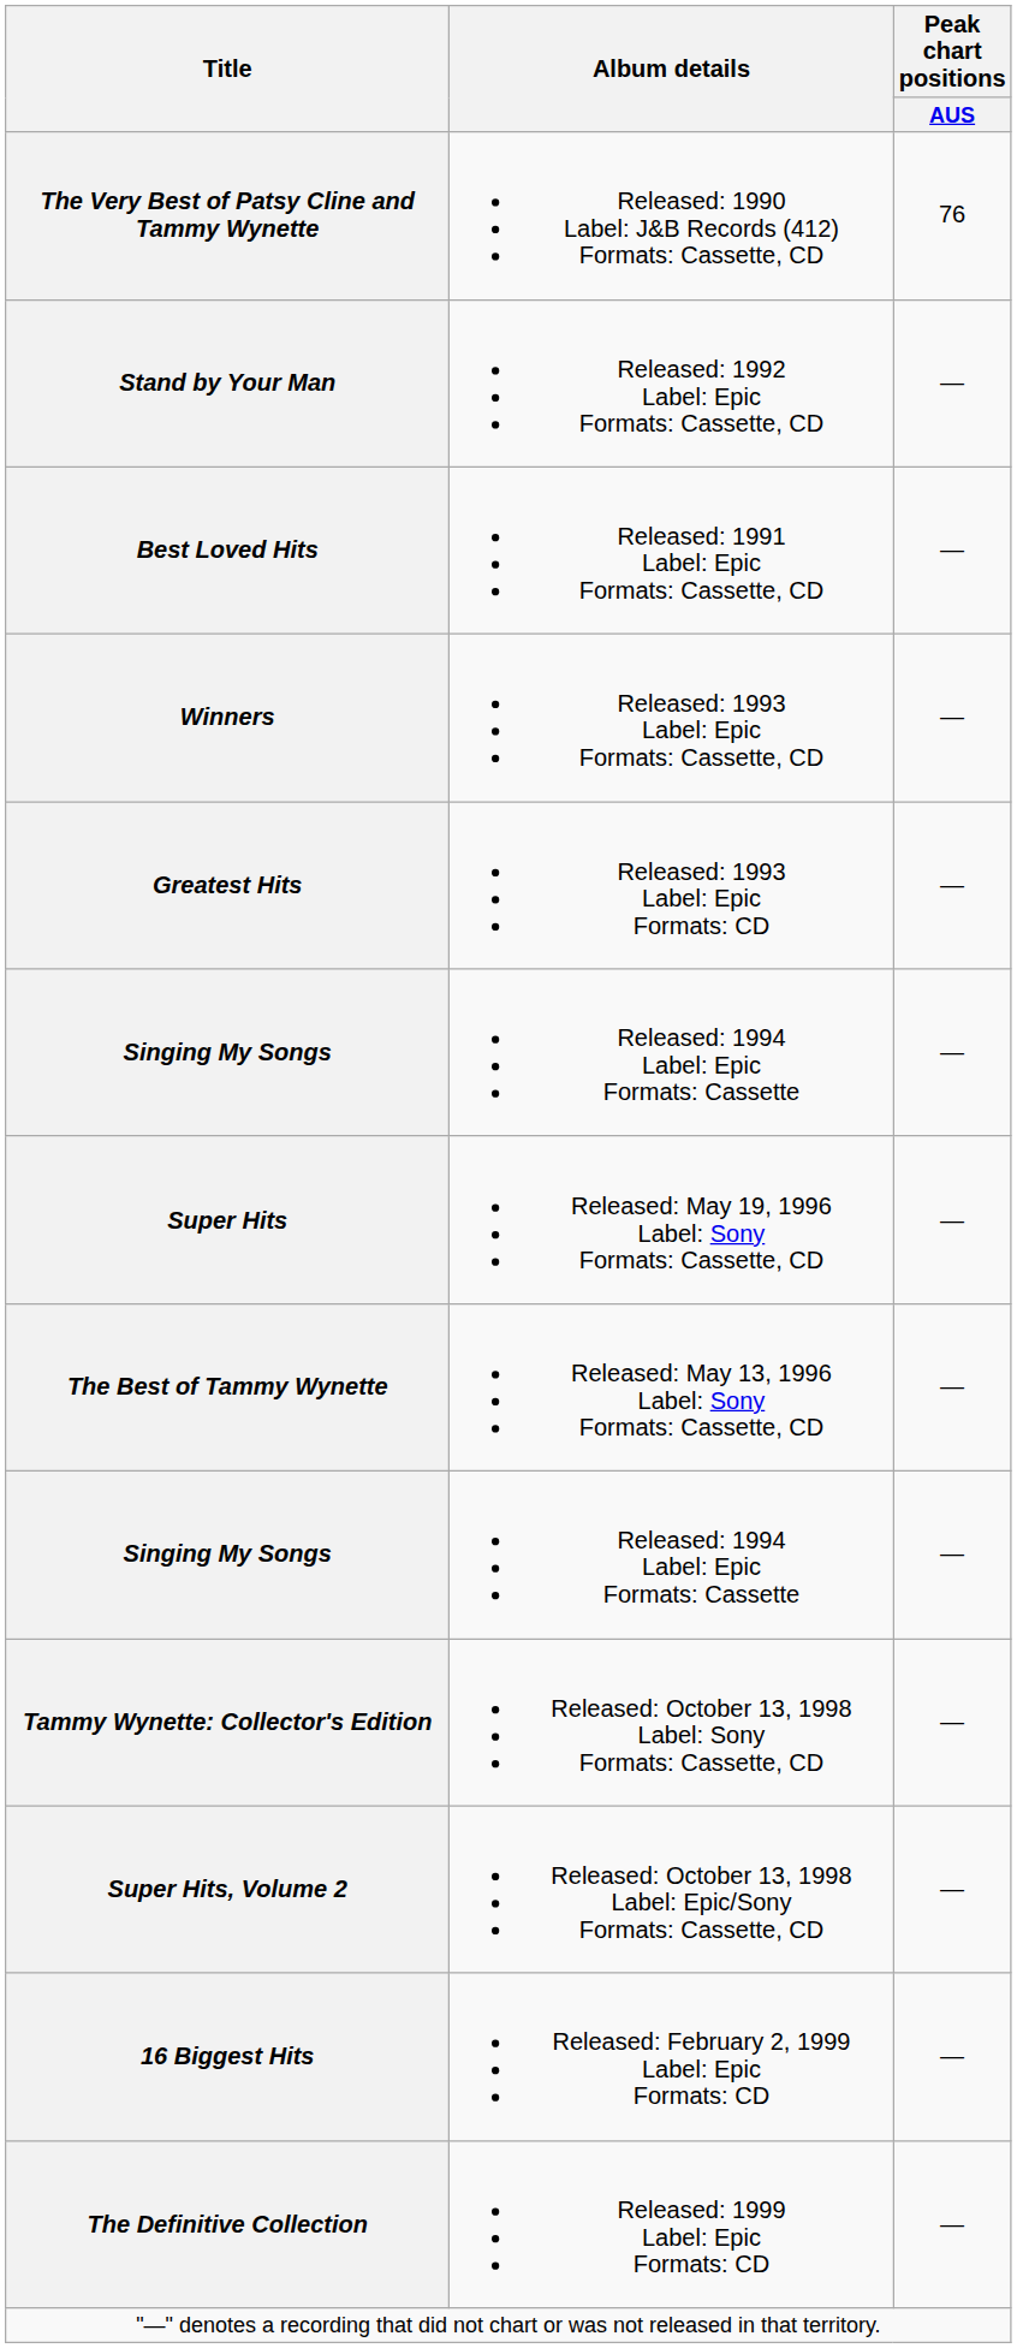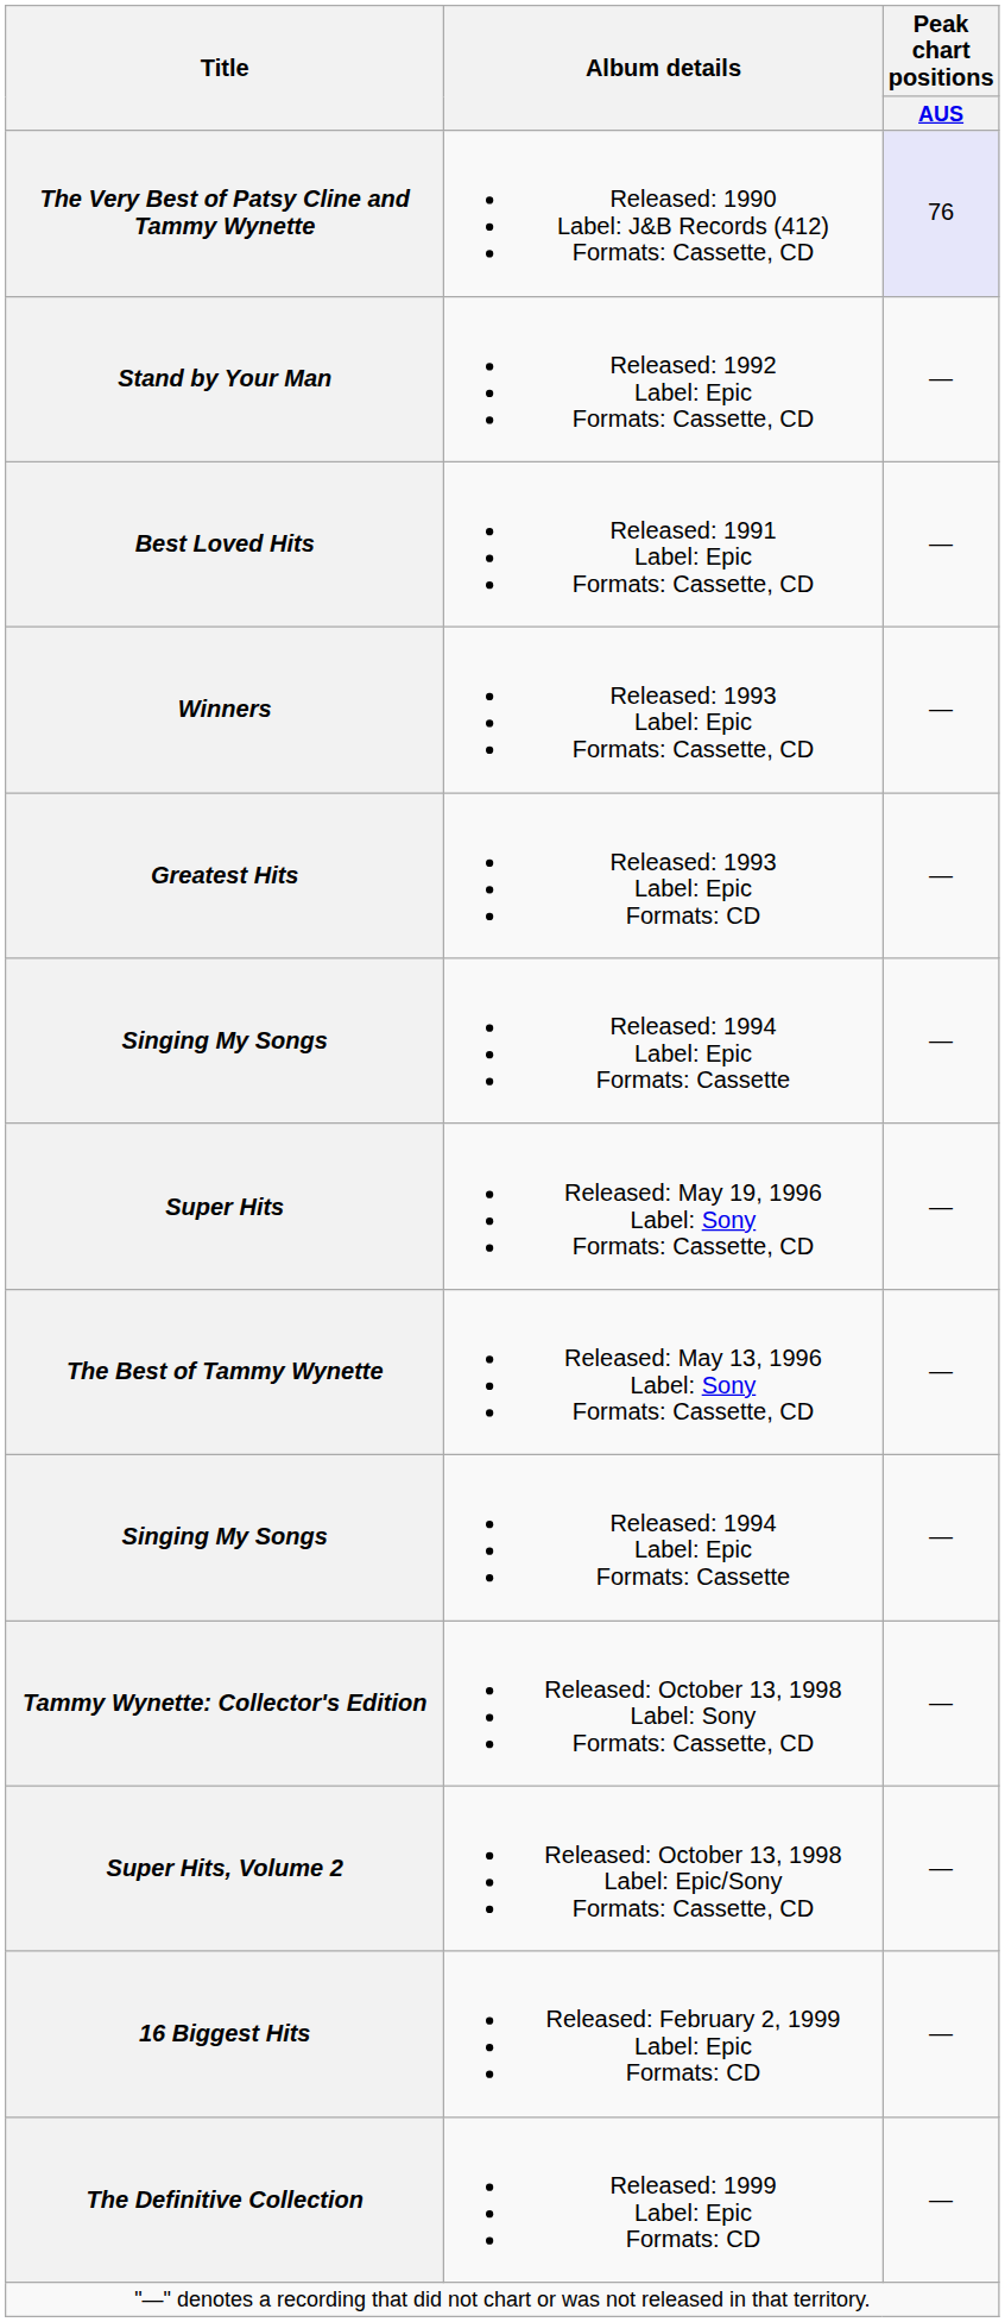 <table class="wikitable plainrowheaders" style="text-align:center;">
 <tr>
 <th scope="col" rowspan="2" style="width:18em;">Title</th>
 <th scope="col" rowspan="2" style="width:18em;">Album details</th>
 <th scope="col" colspan="3">Peak chart<br>positions</th>
 </tr>
 <tr>
 <th scope="col" style="width:2em;font-size:90%;"><a href='#'>AUS</a><br></th>
 </tr>
 <tr>
 <th scope="row"><em>The Very Best of Patsy Cline and Tammy Wynette</em> </th>
 <td><br><ul><li>Released: 1990</li><li>Label: J&B Records (412)</li><li>Formats: Cassette, CD</li></ul></td>
-<td>76</td>
+<td style="background: lavender;">76</td>
 </tr>
 <tr>
 <th scope="row"><em>Stand by Your Man</em></th>
 <td><br><ul><li>Released: 1992</li><li>Label: Epic</li><li>Formats: Cassette, CD</li></ul></td>
 <td>—</td>
 </tr>
 <tr>
 <th scope="row"><em>Best Loved Hits</em></th>
 <td><br><ul><li>Released: 1991</li><li>Label: Epic</li><li>Formats: Cassette, CD</li></ul></td>
 <td>—</td>
 </tr>
 <tr>
 <th scope="row"><em>Winners</em></th>
 <td><br><ul><li>Released: 1993</li><li>Label: Epic</li><li>Formats: Cassette, CD</li></ul></td>
 <td>—</td>
 </tr>
 <tr>
 <th scope="row"><em>Greatest Hits</em></th>
 <td><br><ul><li>Released: 1993</li><li>Label: Epic</li><li>Formats: CD</li></ul></td>
 <td>—</td>
 </tr>
 <tr>
 <th scope="row"><em>Singing My Songs</em></th>
 <td><br><ul><li>Released: 1994</li><li>Label: Epic</li><li>Formats: Cassette</li></ul></td>
 <td>—</td>
 </tr>
 <tr>
 <th scope="row"><em>Super Hits</em></th>
 <td><br><ul><li>Released: May 19, 1996</li><li>Label: <a href='#'>Sony</a></li><li>Formats: Cassette, CD</li></ul></td>
 <td>—</td>
 </tr>
 <tr>
 <th scope="row"><em>The Best of Tammy Wynette</em></th>
 <td><br><ul><li>Released: May 13, 1996</li><li>Label: <a href='#'>Sony</a></li><li>Formats: Cassette, CD</li></ul></td>
 <td>—</td>
 </tr>
 <tr>
 <th scope="row"><em>Singing My Songs</em></th>
 <td><br><ul><li>Released: 1994</li><li>Label: Epic</li><li>Formats: Cassette</li></ul></td>
 <td>—</td>
 </tr>
 <tr>
 <th scope="row"><em>Tammy Wynette: Collector's Edition</em></th>
 <td><br><ul><li>Released: October 13, 1998</li><li>Label: Sony</li><li>Formats: Cassette, CD</li></ul></td>
 <td>—</td>
 </tr>
 <tr>
 <th scope="row"><em>Super Hits, Volume 2</em></th>
 <td><br><ul><li>Released: October 13, 1998</li><li>Label: Epic/Sony</li><li>Formats: Cassette, CD</li></ul></td>
 <td>—</td>
 </tr>
 <tr>
 <th scope="row"><em>16 Biggest Hits</em></th>
 <td><br><ul><li>Released: February 2, 1999</li><li>Label: Epic</li><li>Formats: CD</li></ul></td>
 <td>—</td>
 </tr>
 <tr>
 <th scope="row"><em>The Definitive Collection</em></th>
 <td><br><ul><li>Released: 1999</li><li>Label: Epic</li><li>Formats: CD</li></ul></td>
 <td>—</td>
 </tr>
 <tr>
 <td colspan="3" style="font-size:90%">"—" denotes a recording that did not chart or was not released in that territory.</td>
 </tr>
 </table>
